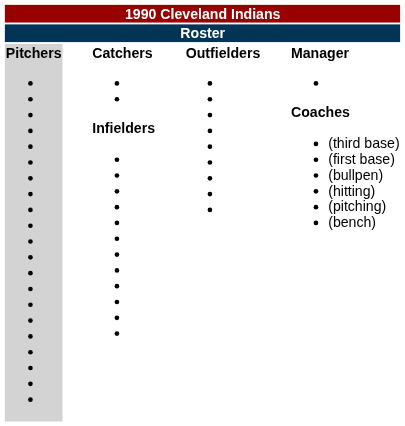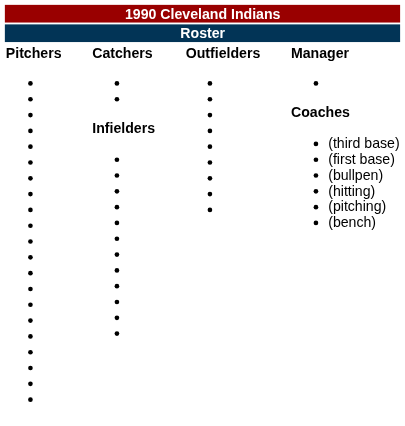 <table class="toccolours" style="font-size: 95%;">
 <tr>
 <th colspan="10" style="background-color: #990000; color: #FFFFFF; text-align: center;">1990 Cleveland Indians</th>
 </tr>
 <tr>
 <td colspan="10" style="background-color: #023456; color: #FFFFFF; text-align: center;"><strong>Roster</strong></td>
 </tr>
 <tr>
-<td valign="top" style="background: lightgrey;"><strong>Pitchers</strong><br><ul><li></li><li></li><li></li><li></li><li></li><li></li><li></li><li></li><li></li><li></li><li></li><li></li><li></li><li></li><li></li><li></li><li></li><li></li><li></li><li></li><li></li></ul></td>
+<td valign="top"><strong>Pitchers</strong><br><ul><li></li><li></li><li></li><li></li><li></li><li></li><li></li><li></li><li></li><li></li><li></li><li></li><li></li><li></li><li></li><li></li><li></li><li></li><li></li><li></li><li></li></ul></td>
 <td width="25px"></td>
 <td valign="top"><strong>Catchers</strong><br><ul><li></li><li></li></ul><strong>Infielders</strong><ul><li></li><li></li><li></li><li></li><li></li><li></li><li></li><li></li><li></li><li></li><li></li><li></li></ul></td>
 <td width="25px"></td>
 <td valign="top"><strong>Outfielders</strong><br><ul><li></li><li></li><li></li><li></li><li></li><li></li><li></li><li></li><li></li></ul></td>
 <td width="25px"></td>
 <td valign="top"><strong>Manager</strong><br><ul><li></li></ul><strong>Coaches</strong><ul><li> (third base)</li><li> (first base)</li><li> (bullpen)</li><li> (hitting)</li><li> (pitching)</li><li> (bench)</li></ul></td>
 </tr>
 <tr>
 </tr>
 </table>
